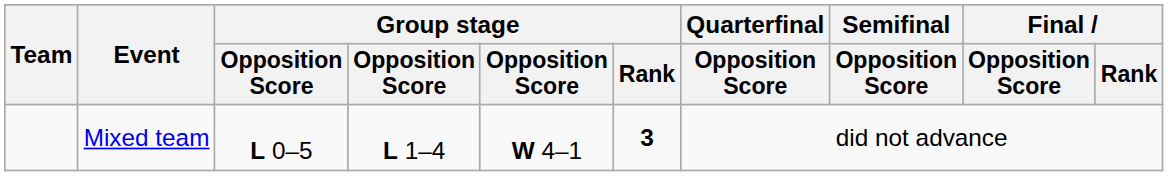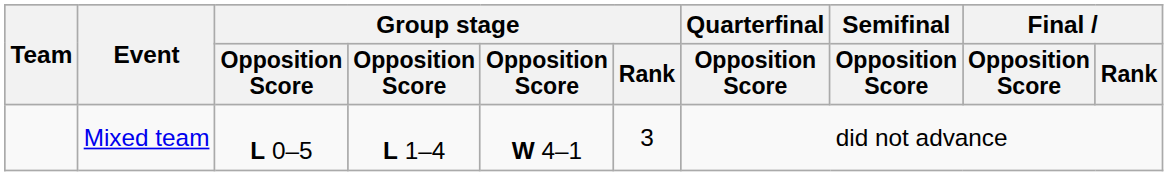 <table class=wikitable style=font-size:90%;text-align:center>
 <tr>
 <th rowspan=2>Team</th>
 <th rowspan=2>Event</th>
 <th colspan=4>Group stage</th>
 <th>Quarterfinal</th>
 <th>Semifinal</th>
 <th colspan=2>Final / </th>
 </tr>
 <tr style=font-size:95%>
 <th>Opposition<br>Score</th>
 <th>Opposition<br>Score</th>
 <th>Opposition<br>Score</th>
 <th>Rank</th>
 <th>Opposition<br>Score</th>
 <th>Opposition<br>Score</th>
 <th>Opposition<br>Score</th>
 <th>Rank</th>
 </tr>
 <tr>
 <td align=left></td>
 <td align=left><a href='#'>Mixed team</a></td>
 <td><br><strong>L</strong> 0–5</td>
 <td><br><strong>L</strong> 1–4</td>
 <td><br><strong>W</strong> 4–1</td>
-<td><strong>3</strong></td>
+<td>3</td>
 <td colspan=4>did not advance</td>
 </tr>
 </table>
